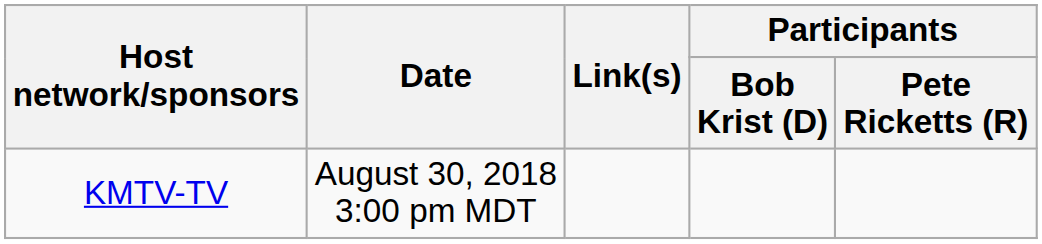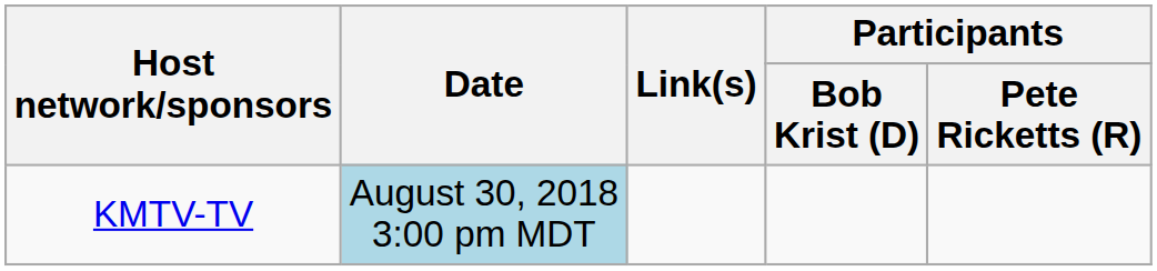 <table class="wikitable">
 <tr>
 <th rowspan="2">Host<br>network/sponsors</th>
 <th rowspan="2">Date</th>
 <th rowspan="2">Link(s)</th>
 <th colspan="3">Participants</th>
 </tr>
 <tr>
 <th>Bob<br>Krist (D)</th>
 <th>Pete<br>Ricketts (R)</th>
 </tr>
 <tr>
 <td align="center"><a href='#'>KMTV-TV</a></td>
-<td align="center">August 30, 2018<br>3:00 pm MDT</td>
+<td align="center" style="background: lightblue;">August 30, 2018<br>3:00 pm MDT</td>
 <td align="center"></td>
 <td></td>
 <td></td>
 </tr>
 </table>
